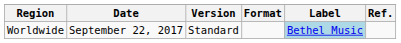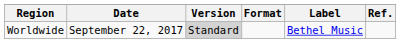 <table class="wikitable plainrowheaders">
 <tr>
 </tr>
 <tr>
 <th scope="col">Region</th>
 <th scope="col">Date</th>
 <th scope="col">Version</th>
 <th scope="col">Format</th>
 <th scope="col">Label</th>
 <th scope="col">Ref.</th>
 </tr>
 <tr>
 <td>Worldwide</td>
 <td>September 22, 2017</td>
-<td>Standard</td>
+<td style="background: lightgrey;">Standard</td>
 <td></td>
-<td style="background: lightblue;"><a href='#'>Bethel Music</a></td>
+<td><a href='#'>Bethel Music</a></td>
 <td></td>
 </tr>
 </table>
